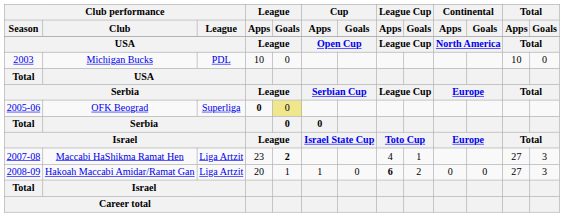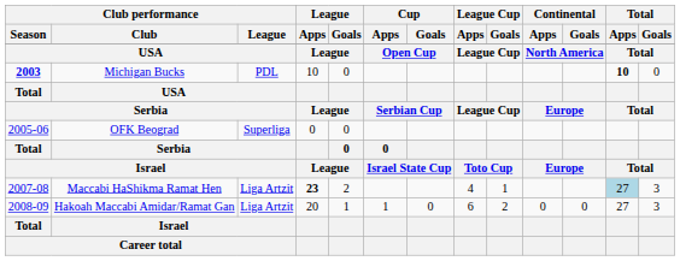 <table class="wikitable" style="text-align:center">
 <tr>
 <th colspan=3>Club performance</th>
 <th colspan=2>League</th>
 <th colspan=2>Cup</th>
 <th colspan=2>League Cup</th>
 <th colspan=2>Continental</th>
 <th colspan=2>Total</th>
 </tr>
 <tr>
 <th>Season</th>
 <th>Club</th>
 <th>League</th>
 <th>Apps</th>
 <th>Goals</th>
 <th>Apps</th>
 <th>Goals</th>
 <th>Apps</th>
 <th>Goals</th>
 <th>Apps</th>
 <th>Goals</th>
 <th>Apps</th>
 <th>Goals</th>
 </tr>
 <tr>
 </tr>
 <tr>
 <th colspan=3>USA</th>
 <th colspan=2>League</th>
 <th colspan=2><a href='#'>Open Cup</a></th>
 <th colspan=2>League Cup</th>
 <th colspan=2><a href='#'>North America</a></th>
 <th colspan=2>Total</th>
 </tr>
 <tr>
-<td><a href='#'>2003</a></td>
+<td><strong><a href='#'>2003</a></strong></td>
 <td><a href='#'>Michigan Bucks</a></td>
 <td><a href='#'>PDL</a></td>
 <td>10</td>
 <td>0</td>
 <td></td>
 <td></td>
 <td></td>
 <td></td>
 <td></td>
 <td></td>
-<td>10</td>
+<td><strong>10</strong></td>
 <td>0</td>
 </tr>
 <tr>
 <th rowspan=1>Total</th>
 <th colspan=2>USA</th>
 <th></th>
 <th></th>
 <th></th>
 <th></th>
 <th></th>
 <th></th>
 <th></th>
 <th></th>
 <th></th>
 <th></th>
 </tr>
 <tr>
 <th colspan=3>Serbia</th>
 <th colspan=2>League</th>
 <th colspan=2><a href='#'>Serbian Cup</a></th>
 <th colspan=2>League Cup</th>
 <th colspan=2><a href='#'>Europe</a></th>
 <th colspan=2>Total</th>
 </tr>
 <tr>
 <td><a href='#'>2005-06</a></td>
 <td><a href='#'>OFK Beograd</a></td>
 <td><a href='#'>Superliga</a></td>
-<td><strong>0</strong></td>
-<td style="background: khaki;">0</td>
+<td>0</td>
+<td>0</td>
 <td></td>
 <td></td>
 <td></td>
 <td></td>
 <td></td>
 <td></td>
 <td></td>
 <td></td>
 </tr>
 <tr>
 <th rowspan=1>Total</th>
 <th colspan=2>Serbia</th>
 <th></th>
 <th>0</th>
 <th>0</th>
 <th></th>
 <th></th>
 <th></th>
 <th></th>
 <th></th>
 <th></th>
 <th></th>
 </tr>
 <tr>
 <th colspan=3>Israel</th>
 <th colspan=2>League</th>
 <th colspan=2><a href='#'>Israel State Cup</a></th>
 <th colspan=2><a href='#'>Toto Cup</a></th>
 <th colspan=2><a href='#'>Europe</a></th>
 <th colspan=2>Total</th>
 </tr>
 <tr>
 <td><a href='#'>2007-08</a></td>
 <td><a href='#'>Maccabi HaShikma Ramat Hen</a></td>
 <td><a href='#'>Liga Artzit</a></td>
-<td>23</td>
-<td><strong>2</strong></td>
+<td><strong>23</strong></td>
+<td>2</td>
 <td></td>
 <td></td>
 <td>4</td>
 <td>1</td>
 <td></td>
 <td></td>
-<td>27</td>
+<td style="background: lightblue;">27</td>
 <td>3</td>
 </tr>
 <tr>
 <td><a href='#'>2008-09</a></td>
 <td><a href='#'>Hakoah Maccabi Amidar/Ramat Gan</a></td>
 <td><a href='#'>Liga Artzit</a></td>
 <td>20</td>
 <td>1</td>
 <td>1</td>
 <td>0</td>
-<td><strong>6</strong></td>
+<td>6</td>
 <td>2</td>
 <td>0</td>
 <td>0</td>
 <td>27</td>
 <td>3</td>
 </tr>
 <tr>
 <th rowspan=1>Total</th>
 <th colspan=2>Israel</th>
 <th></th>
 <th></th>
 <th></th>
 <th></th>
 <th></th>
 <th></th>
 <th></th>
 <th></th>
 <th></th>
 <th></th>
 </tr>
 <tr>
 <th colspan=3>Career total</th>
 <th></th>
 <th></th>
 <th></th>
 <th></th>
 <th></th>
 <th></th>
 <th></th>
 <th></th>
 <th></th>
 <th></th>
 </tr>
 </table>
